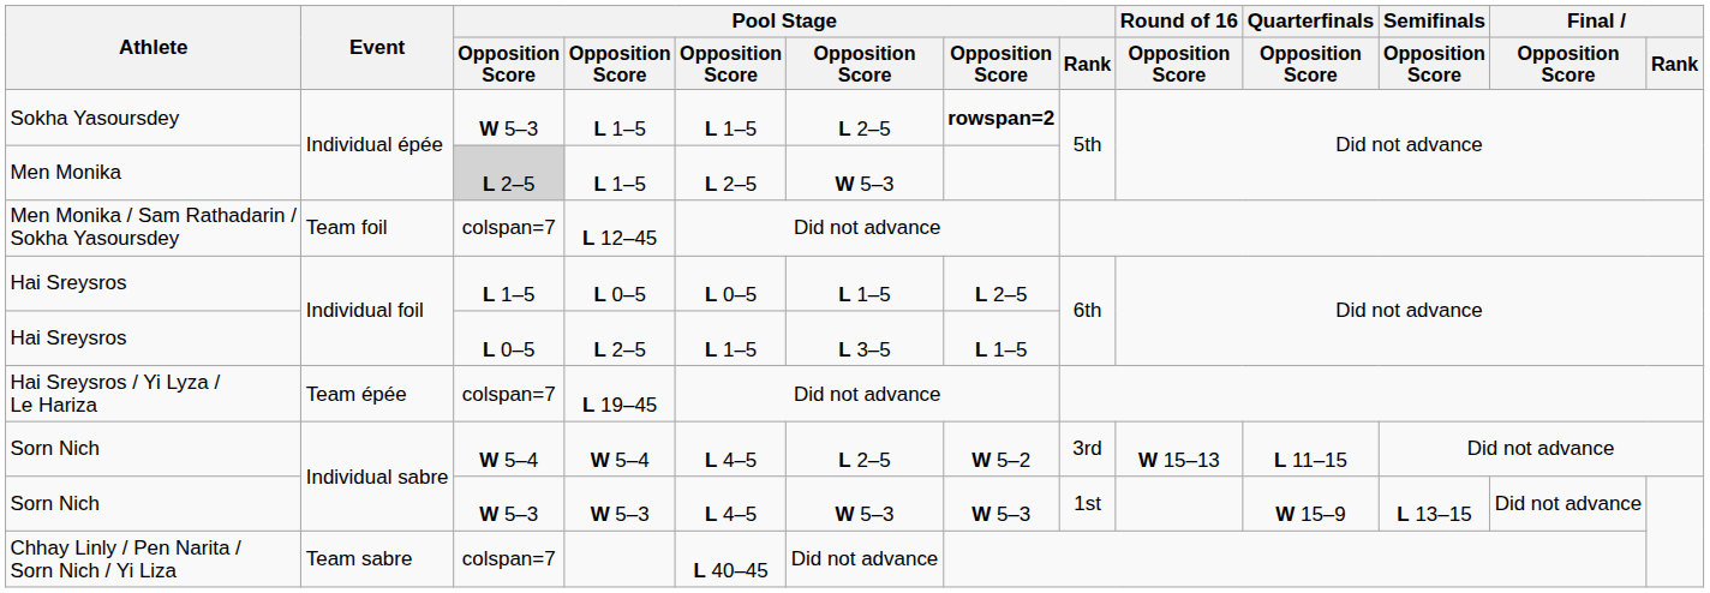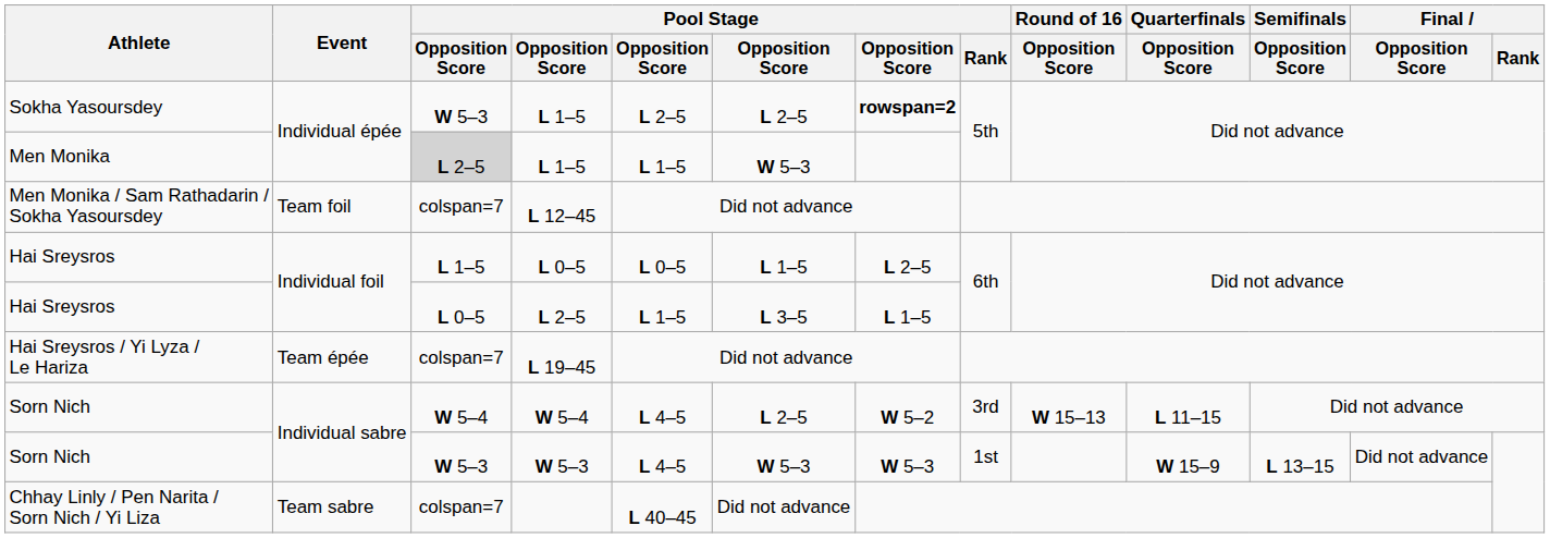 <table class="wikitable" style="font-size:90">
 <tr>
 <th rowspan=2>Athlete</th>
 <th rowspan=2>Event</th>
 <th colspan=6>Pool Stage</th>
 <th>Round of 16</th>
 <th>Quarterfinals</th>
 <th>Semifinals</th>
 <th colspan=2>Final / </th>
 </tr>
 <tr style="font-size:95%">
 <th>Opposition<br>Score</th>
 <th>Opposition<br>Score</th>
 <th>Opposition<br>Score</th>
 <th>Opposition<br>Score</th>
 <th>Opposition<br>Score</th>
 <th>Rank</th>
 <th>Opposition<br>Score</th>
 <th>Opposition<br>Score</th>
 <th>Opposition<br>Score</th>
 <th>Opposition<br>Score</th>
 <th>Rank</th>
 </tr>
 <tr align=center>
 <td align=left>Sokha Yasoursdey</td>
 <td rowspan=2 align=left>Individual épée</td>
 <td><br><strong>W</strong> 5–3</td>
 <td><br><strong>L</strong> 1–5</td>
-<td><br><strong>L</strong> 1–5</td>
+<td><br><strong>L</strong> 2–5</td>
 <td><br><strong>L</strong> 2–5</td>
 <td><strong>rowspan=2 </strong></td>
 <td rowspan=2>5th</td>
 <td rowspan=2 colspan=5>Did not advance</td>
 </tr>
 <tr align=center>
 <td align=left>Men Monika</td>
 <td style="background: lightgrey;"><br><strong>L</strong> 2–5</td>
 <td><br><strong>L</strong> 1–5</td>
-<td><br><strong>L</strong> 2–5</td>
+<td><br><strong>L</strong> 1–5</td>
 <td><br><strong>W</strong> 5–3</td>
 </tr>
 <tr align=center>
 <td align=left>Men Monika / Sam Rathadarin /<br>Sokha Yasoursdey</td>
 <td align=left>Team foil</td>
 <td>colspan=7 </td>
 <td><br><strong>L</strong> 12–45</td>
 <td colspan=3>Did not advance</td>
 </tr>
 <tr align=center>
 <td align=left>Hai Sreysros</td>
 <td rowspan=2 align=left>Individual foil</td>
 <td><br><strong>L</strong> 1–5</td>
 <td><br><strong>L</strong> 0–5</td>
 <td><br><strong>L</strong> 0–5</td>
 <td><br><strong>L</strong> 1–5</td>
 <td><br><strong>L</strong> 2–5</td>
 <td rowspan=2>6th</td>
 <td rowspan=2 colspan=5>Did not advance</td>
 </tr>
 <tr align=center>
 <td align=left>Hai Sreysros</td>
 <td><br><strong>L</strong> 0–5</td>
 <td><br><strong>L</strong> 2–5</td>
 <td><br><strong>L</strong> 1–5</td>
 <td><br><strong>L</strong> 3–5</td>
 <td><br><strong>L</strong> 1–5</td>
 </tr>
 <tr align=center>
 <td align=left>Hai Sreysros / Yi Lyza /<br>Le Hariza</td>
 <td align=left>Team épée</td>
 <td>colspan=7 </td>
 <td><br><strong>L</strong> 19–45</td>
 <td colspan=3>Did not advance</td>
 </tr>
 <tr align=center>
 <td align=left>Sorn Nich</td>
 <td rowspan=2 align=left>Individual sabre</td>
 <td><br><strong>W</strong> 5–4</td>
 <td><br><strong>W</strong> 5–4</td>
 <td><br><strong>L</strong> 4–5</td>
 <td><br><strong>L</strong> 2–5</td>
 <td><br><strong>W</strong> 5–2</td>
 <td>3rd</td>
 <td><br><strong>W</strong> 15–13</td>
 <td><br><strong>L</strong> 11–15</td>
 <td colspan=3>Did not advance</td>
 </tr>
 <tr align=center>
 <td align=left>Sorn Nich</td>
 <td><br><strong>W</strong> 5–3</td>
 <td><br><strong>W</strong> 5–3</td>
 <td><br><strong>L</strong> 4–5</td>
 <td><br><strong>W</strong> 5–3</td>
 <td><br><strong>W</strong> 5–3</td>
 <td>1st</td>
 <td></td>
 <td><br><strong>W</strong> 15–9</td>
 <td><br><strong>L</strong> 13–15</td>
 <td>Did not advance</td>
 <td rowspan=2></td>
 </tr>
 <tr align=center>
 <td align=left>Chhay Linly / Pen Narita /<br>Sorn Nich / Yi Liza</td>
 <td align=left>Team sabre</td>
 <td>colspan=7 </td>
 <td></td>
 <td><br><strong>L</strong> 40–45</td>
 <td>Did not advance</td>
 </tr>
 </table>
